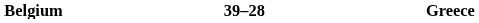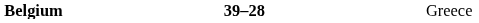 <table width=75% cellspacing=1>
 <tr>
 <th width=25%></th>
 <th width=25%></th>
 <th width=25%></th>
 </tr>
 <tr style=font-size:90%>
 <td align=right><strong>Belgium</strong></td>
 <td align=center><strong>39–28</strong></td>
-<td><strong>Greece</strong></td>
+<td>Greece</td>
 </tr>
 </table>
